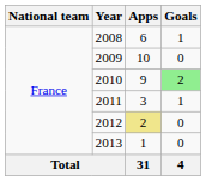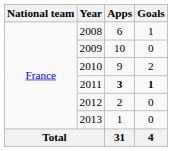 <table class="wikitable" style="text-align:center">
 <tr>
 <th>National team</th>
 <th>Year</th>
 <th>Apps</th>
 <th>Goals</th>
 </tr>
 <tr>
 <td Rowspan="6"><a href='#'>France</a></td>
 <td>2008</td>
 <td>6</td>
 <td>1</td>
 </tr>
 <tr>
 <td>2009</td>
 <td>10</td>
 <td>0</td>
 </tr>
 <tr>
 <td>2010</td>
 <td>9</td>
-<td style="background: lightgreen;">2</td>
+<td>2</td>
 </tr>
 <tr>
 <td>2011</td>
-<td>3</td>
-<td>1</td>
+<td><strong>3</strong></td>
+<td><strong>1</strong></td>
 </tr>
 <tr>
 <td>2012</td>
-<td style="background: khaki;">2</td>
+<td>2</td>
 <td>0</td>
 </tr>
 <tr>
 <td>2013</td>
 <td>1</td>
 <td>0</td>
 </tr>
 <tr>
 <th colspan="2">Total</th>
 <th>31</th>
 <th>4</th>
 </tr>
 </table>
